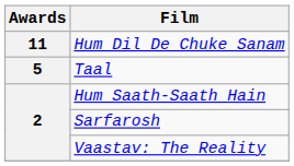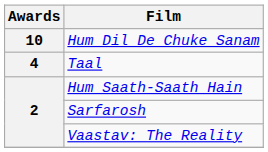 <table class="wikitable" style="display:inline-table;">
 <tr>
 <th>Awards</th>
 <th>Film</th>
 </tr>
 <tr>
-<th>11</th>
+<th>10</th>
 <td><em><a href='#'>Hum Dil De Chuke Sanam</a></em></td>
 </tr>
 <tr>
-<th>5</th>
+<th>4</th>
 <td><em><a href='#'>Taal</a></em></td>
 </tr>
 <tr>
 <th rowspan="3">2</th>
 <td><em><a href='#'>Hum Saath-Saath Hain</a></em></td>
 </tr>
 <tr>
 <td><em><a href='#'>Sarfarosh</a></em></td>
 </tr>
 <tr>
 <td><em><a href='#'>Vaastav: The Reality</a></em></td>
 </tr>
 <tr>
 </tr>
 </table>
